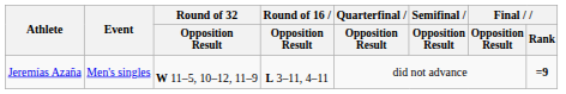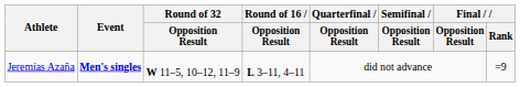 <table class=wikitable style=font-size:90%;text-align:center>
 <tr>
 <th rowspan=2>Athlete</th>
 <th rowspan=2>Event</th>
 <th>Round of 32</th>
 <th>Round of 16 / </th>
 <th>Quarterfinal / </th>
 <th>Semifinal / </th>
 <th colspan=2>Final /  / </th>
 </tr>
 <tr style=font-size:95%>
 <th>Opposition<br>Result</th>
 <th>Opposition<br>Result</th>
 <th>Opposition<br>Result</th>
 <th>Opposition<br>Result</th>
 <th>Opposition<br>Result</th>
 <th>Rank</th>
 </tr>
 <tr>
 <td align=left><a href='#'>Jeremías Azaña</a></td>
-<td align=left><a href='#'>Men's singles</a></td>
+<td align=left><strong><a href='#'>Men's singles</a></strong></td>
 <td><br><strong>W</strong> 11–5, 10–12, 11–9</td>
 <td><br><strong>L</strong> 3–11, 4–11</td>
 <td colspan=3>did not advance</td>
-<td><strong>=9</strong></td>
+<td>=9</td>
 </tr>
 </table>
